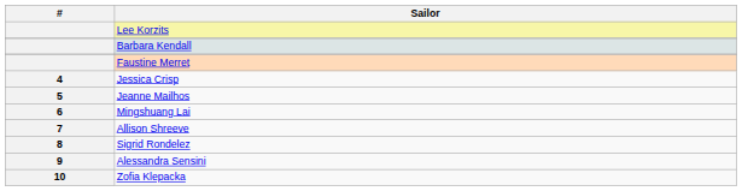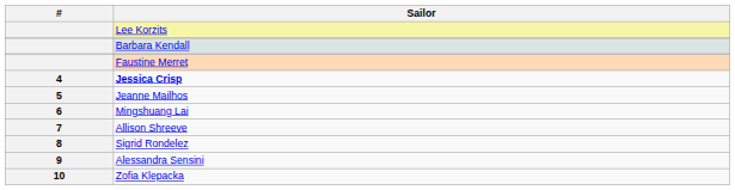 <table class="wikitable" width=80% style="font-size:90%; text-align:left;">
 <tr>
 <th>#</th>
 <th>Sailor</th>
 </tr>
 <tr>
 <th></th>
 <td align=left bgcolor=#F7F6A8> <a href='#'>Lee Korzits</a></td>
 </tr>
 <tr>
 </tr>
 <tr>
 <th></th>
 <td align=left bgcolor=#DCE5E5> <a href='#'>Barbara Kendall</a></td>
 </tr>
 <tr>
 </tr>
 <tr>
 <th></th>
 <td align=left bgcolor=#FFDAB9> <a href='#'>Faustine Merret</a></td>
 </tr>
 <tr>
 <th>4</th>
-<td> <a href='#'>Jessica Crisp</a></td>
+<td><strong> <a href='#'>Jessica Crisp</a></strong></td>
 </tr>
 <tr>
 <th>5</th>
 <td> <a href='#'>Jeanne Mailhos</a></td>
 </tr>
 <tr>
 <th>6</th>
 <td> <a href='#'>Mingshuang Lai</a></td>
 </tr>
 <tr>
 <th>7</th>
 <td> <a href='#'>Allison Shreeve</a></td>
 </tr>
 <tr>
 <th>8</th>
 <td> <a href='#'>Sigrid Rondelez</a></td>
 </tr>
 <tr>
 <th>9</th>
 <td> <a href='#'>Alessandra Sensini</a></td>
 </tr>
 <tr>
 <th>10</th>
 <td> <a href='#'>Zofia Klepacka</a></td>
 </tr>
 </table>
